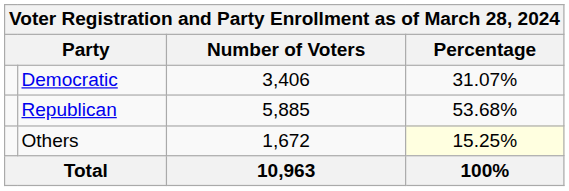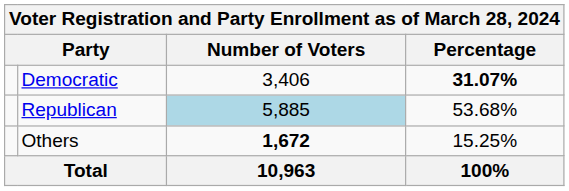 <table class=wikitable>
 <tr>
 <th colspan = 6>Voter Registration and Party Enrollment as of March 28, 2024</th>
 </tr>
 <tr>
 <th colspan = 2>Party</th>
 <th>Number of Voters</th>
 <th>Percentage</th>
 </tr>
 <tr>
 <td></td>
 <td><a href='#'>Democratic</a></td>
 <td style="text-align:center;">3,406</td>
-<td style="text-align:center;">31.07%</td>
+<td style="text-align:center;"><strong>31.07%</strong></td>
 </tr>
 <tr>
 <td></td>
 <td><a href='#'>Republican</a></td>
-<td style="text-align:center;">5,885</td>
+<td style="background: lightblue; text-align:center;">5,885</td>
 <td style="text-align:center;">53.68%</td>
 </tr>
 <tr>
 <td></td>
 <td>Others</td>
-<td style="text-align:center;">1,672</td>
-<td style="background: lightyellow; text-align:center;">15.25%</td>
+<td style="text-align:center;"><strong>1,672</strong></td>
+<td style="text-align:center;">15.25%</td>
 </tr>
 <tr>
 <th colspan = 2>Total</th>
 <th style="text-align:center;">10,963</th>
 <th style="text-align:center;">100%</th>
 </tr>
 </table>
